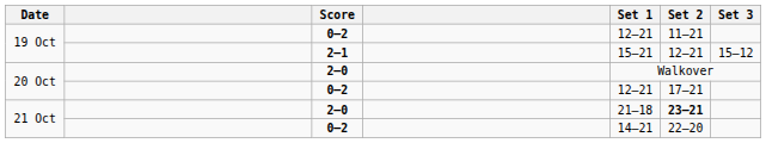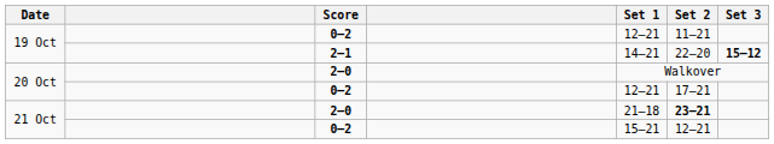 <table class="wikitable" style="text-align: center;">
 <tr>
 <th width="60">Date</th>
 <th align="right" width="270"></th>
 <th width="50">Score</th>
 <th align="left" width="270"></th>
 <th width="50">Set 1</th>
 <th width="50">Set 2</th>
 <th width="50">Set 3</th>
 </tr>
 <tr>
 <td rowspan=2>19 Oct</td>
 <td align=left></td>
 <td align=center><strong>0–2</strong></td>
 <td align=left><strong></strong></td>
 <td>12–21</td>
 <td>11–21</td>
 <td></td>
 </tr>
 <tr>
 <td align=left><strong></strong></td>
 <td align=center><strong>2–1</strong></td>
 <td align=left></td>
-<td>15–21</td>
-<td>12–21</td>
-<td>15–12</td>
+<td>14–21</td>
+<td>22–20</td>
+<td><strong>15–12</strong></td>
 </tr>
 <tr>
 <td rowspan=2>20 Oct</td>
 <td align=left><strong></strong></td>
 <td align=center><strong>2–0</strong></td>
 <td align=left></td>
 <td colspan=3>Walkover</td>
 </tr>
 <tr>
 <td align=left></td>
 <td align=center><strong>0–2</strong></td>
 <td align=left><strong></strong></td>
 <td>12–21</td>
 <td>17–21</td>
 <td></td>
 </tr>
 <tr>
 <td rowspan=2>21 Oct</td>
 <td align=left><strong></strong></td>
 <td align=center><strong>2–0</strong></td>
 <td align=left></td>
 <td>21–18</td>
 <td><strong>23–21</strong></td>
 <td></td>
 </tr>
 <tr>
 <td align=left></td>
 <td align=center><strong>0–2</strong></td>
 <td align=left><strong></strong></td>
-<td>14–21</td>
-<td>22–20</td>
+<td>15–21</td>
+<td>12–21</td>
 <td></td>
 </tr>
 </table>
